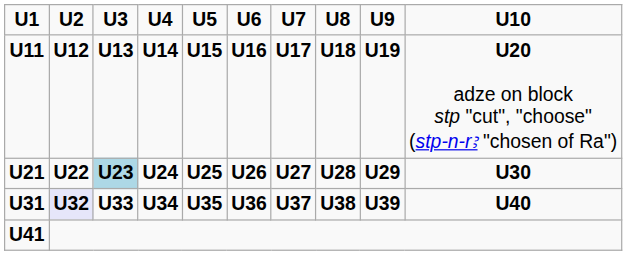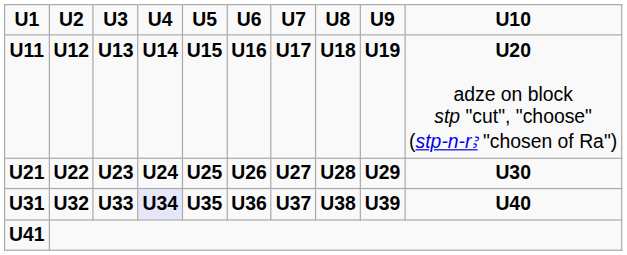 <table class="wikitable" style="text-align: center;">
 <tr valign="top">
 <td><strong>U1</strong><br></td>
 <td><strong>U2</strong><br></td>
 <td><strong>U3</strong><br></td>
 <td><strong>U4</strong><br></td>
 <td><strong>U5</strong><br></td>
 <td><strong>U6</strong><br></td>
 <td><strong>U7</strong><br></td>
 <td><strong>U8</strong><br></td>
 <td><strong>U9</strong><br></td>
 <td><strong>U10</strong><br></td>
 </tr>
 <tr valign="top">
 <td><strong>U11</strong><br></td>
 <td><strong>U12</strong><br></td>
 <td><strong>U13</strong><br></td>
 <td><strong>U14</strong><br></td>
 <td><strong>U15</strong><br></td>
 <td><strong>U16</strong><br></td>
 <td><strong>U17</strong><br></td>
 <td><strong>U18</strong><br></td>
 <td><strong>U19</strong><br></td>
 <td><strong>U20</strong><br><br>adze on block<br><em>stp</em> "cut", "choose"<br>(<em><a href='#'>stp-n-rꜣ</a></em> "chosen of Ra")</td>
 </tr>
 <tr valign="top">
 <td><strong>U21</strong><br></td>
 <td><strong>U22</strong><br></td>
-<td style="background: lightblue;"><strong>U23</strong><br></td>
+<td><strong>U23</strong><br></td>
 <td><strong>U24</strong><br></td>
 <td><strong>U25</strong><br></td>
 <td><strong>U26</strong><br></td>
 <td><strong>U27</strong><br></td>
 <td><strong>U28</strong><br></td>
 <td><strong>U29</strong><br></td>
 <td><strong>U30</strong><br></td>
 </tr>
 <tr valign="top">
 <td><strong>U31</strong><br></td>
-<td style="background: lavender;"><strong>U32</strong><br></td>
+<td><strong>U32</strong><br></td>
 <td><strong>U33</strong><br></td>
-<td><strong>U34</strong><br></td>
+<td style="background: lavender;"><strong>U34</strong><br></td>
 <td><strong>U35</strong><br></td>
 <td><strong>U36</strong><br></td>
 <td><strong>U37</strong><br></td>
 <td><strong>U38</strong><br></td>
 <td><strong>U39</strong><br></td>
 <td><strong>U40</strong><br></td>
 </tr>
 <tr valign="top">
 <td><strong>U41</strong><br></td>
 </tr>
 </table>
